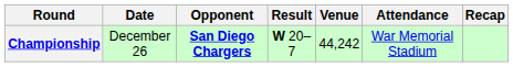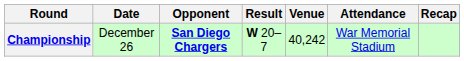 <table class="wikitable" style="text-align:center">
 <tr>
 <th>Round</th>
 <th>Date</th>
 <th>Opponent</th>
 <th>Result</th>
 <th>Venue</th>
 <th>Attendance</th>
 <th>Recap</th>
 </tr>
 <tr style="background:#cfc">
 <th><a href='#'>Championship</a></th>
 <td>December 26</td>
 <td><strong><a href='#'>San Diego Chargers</a></strong></td>
 <td><strong>W</strong> 20–7</td>
-<td>44,242</td>
+<td>40,242</td>
 <td><a href='#'>War Memorial Stadium</a></td>
 <td></td>
 </tr>
 </table>
